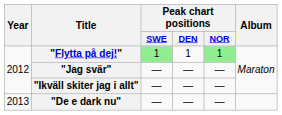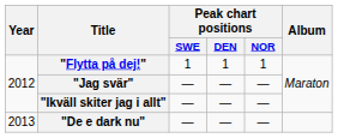 <table class="wikitable plainrowheaders" style="text-align:center;">
 <tr>
 <th scope="col" rowspan="2">Year</th>
 <th scope="col" rowspan="2">Title</th>
 <th scope="col" colspan="3">Peak chart positions</th>
 <th scope="col" rowspan="2">Album</th>
 </tr>
 <tr>
 <th scope="col" style="width:3em;font-size:90%;"><a href='#'>SWE</a><br></th>
 <th scope="col" style="width:3em;font-size:90%;"><a href='#'>DEN</a><br></th>
 <th scope="col" style="width:3em;font-size:90%;"><a href='#'>NOR</a><br></th>
 </tr>
 <tr>
 <td rowspan="3">2012</td>
 <th scope="row">"<a href='#'>Flytta på dej!</a>"</th>
-<td style="background: lightgreen;">1</td>
 <td>1</td>
-<td style="background: lightgreen;">1</td>
+<td>1</td>
+<td>1</td>
 <td rowspan="3"><em>Maraton</em></td>
 </tr>
 <tr>
 <th scope="row">"Jag svär"</th>
 <td>—</td>
 <td>—</td>
 <td>—</td>
 </tr>
 <tr>
 <th scope="row">"Ikväll skiter jag i allt"</th>
 <td>—</td>
 <td>—</td>
 <td>—</td>
 </tr>
 <tr>
 <td rowspan="3">2013</td>
 <th scope="row">"De e dark nu"</th>
 <td>—</td>
 <td>—</td>
 <td>—</td>
 </tr>
 </table>
